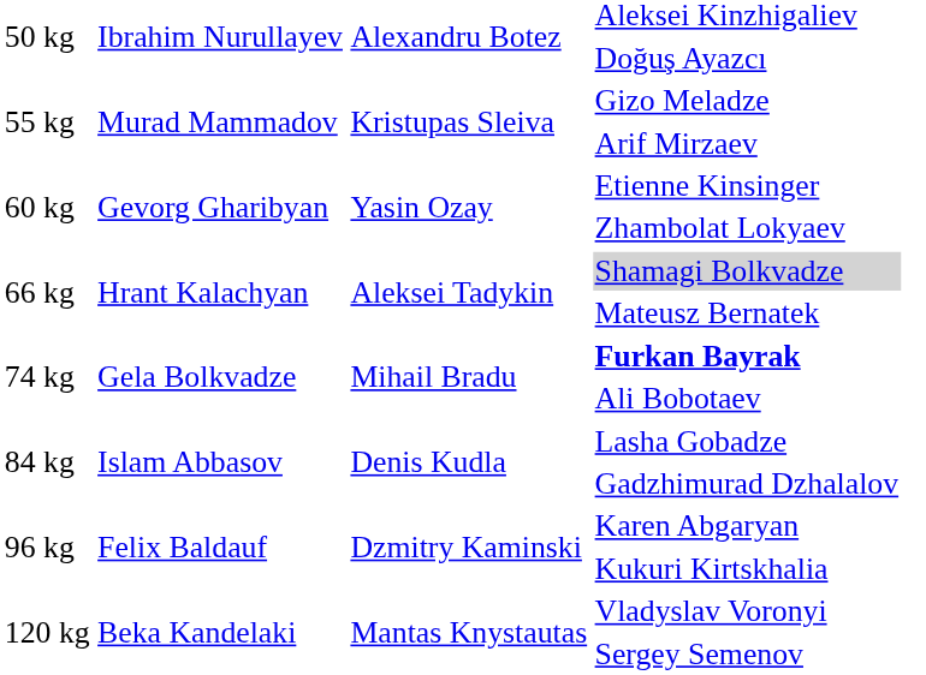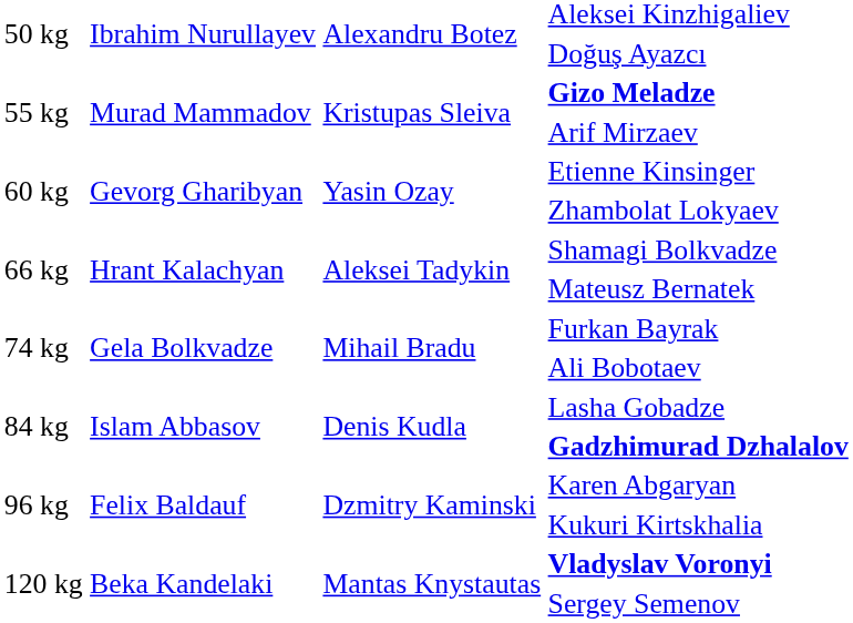 <table>
 <tr>
 <td rowspan=2>50 kg</td>
 <td rowspan=2> <a href='#'>Ibrahim Nurullayev</a></td>
 <td rowspan=2> <a href='#'>Alexandru Botez</a></td>
 <td> <a href='#'>Aleksei Kinzhigaliev</a></td>
 </tr>
 <tr>
 <td> <a href='#'>Doğuş Ayazcı</a></td>
 </tr>
 <tr>
 <td rowspan=2>55 kg</td>
 <td rowspan=2> <a href='#'>Murad Mammadov</a></td>
 <td rowspan=2> <a href='#'>Kristupas Sleiva</a></td>
-<td> <a href='#'>Gizo Meladze</a></td>
+<td><strong> <a href='#'>Gizo Meladze</a></strong></td>
 </tr>
 <tr>
 <td> <a href='#'>Arif Mirzaev</a></td>
 </tr>
 <tr>
 <td rowspan=2>60 kg</td>
 <td rowspan=2> <a href='#'>Gevorg Gharibyan</a></td>
 <td rowspan=2> <a href='#'>Yasin Ozay</a></td>
 <td> <a href='#'>Etienne Kinsinger</a></td>
 </tr>
 <tr>
 <td> <a href='#'>Zhambolat Lokyaev</a></td>
 </tr>
 <tr>
 <td rowspan=2>66 kg</td>
 <td rowspan=2> <a href='#'>Hrant Kalachyan</a></td>
 <td rowspan=2> <a href='#'>Aleksei Tadykin</a></td>
-<td style="background: lightgrey;"> <a href='#'>Shamagi Bolkvadze</a></td>
+<td> <a href='#'>Shamagi Bolkvadze</a></td>
 </tr>
 <tr>
 <td> <a href='#'>Mateusz Bernatek</a></td>
 </tr>
 <tr>
 <td rowspan=2>74 kg</td>
 <td rowspan=2> <a href='#'>Gela Bolkvadze</a></td>
 <td rowspan=2> <a href='#'>Mihail Bradu</a></td>
-<td><strong> <a href='#'>Furkan Bayrak</a></strong></td>
+<td> <a href='#'>Furkan Bayrak</a></td>
 </tr>
 <tr>
 <td> <a href='#'>Ali Bobotaev</a></td>
 </tr>
 <tr>
 <td rowspan=2>84 kg</td>
 <td rowspan=2> <a href='#'>Islam Abbasov</a></td>
 <td rowspan=2> <a href='#'>Denis Kudla</a></td>
 <td> <a href='#'>Lasha Gobadze</a></td>
 </tr>
 <tr>
-<td> <a href='#'>Gadzhimurad Dzhalalov</a></td>
+<td><strong> <a href='#'>Gadzhimurad Dzhalalov</a></strong></td>
 </tr>
 <tr>
 <td rowspan=2>96 kg</td>
 <td rowspan=2> <a href='#'>Felix Baldauf</a></td>
 <td rowspan=2> <a href='#'>Dzmitry Kaminski</a></td>
 <td> <a href='#'>Karen Abgaryan</a></td>
 </tr>
 <tr>
 <td> <a href='#'>Kukuri Kirtskhalia</a></td>
 </tr>
 <tr>
 <td rowspan=2>120 kg</td>
 <td rowspan=2> <a href='#'>Beka Kandelaki</a></td>
 <td rowspan=2> <a href='#'>Mantas Knystautas</a></td>
-<td> <a href='#'>Vladyslav Voronyi</a></td>
+<td><strong> <a href='#'>Vladyslav Voronyi</a></strong></td>
 </tr>
 <tr>
 <td> <a href='#'>Sergey Semenov</a></td>
 </tr>
 </table>
